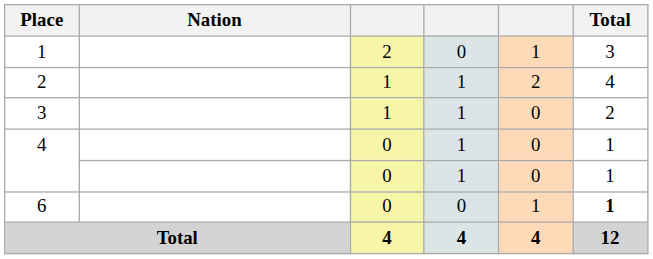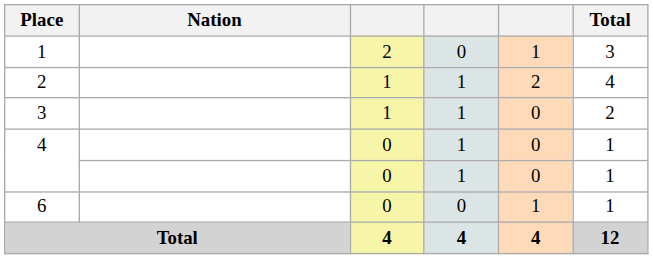 <table class=wikitable style="border:1px solid #AAAAAA;font-size:90%">
 <tr bgcolor="#EFEFEF">
 <th width=50>Place</th>
 <th width=200>Nation</th>
 <th width=50></th>
 <th width=50></th>
 <th width=50></th>
 <th width=50>Total</th>
 </tr>
 <tr align="center" valign="top" bgcolor="#FFFFFF">
 <td>1</td>
 <td align="left"></td>
 <td style="background:#F7F6A8;">2</td>
 <td style="background:#DCE5E5;">0</td>
 <td style="background:#FFDAB9;">1</td>
 <td>3</td>
 </tr>
 <tr align="center" valign="top" bgcolor="#FFFFFF">
 <td>2</td>
 <td align="left"></td>
 <td style="background:#F7F6A8;">1</td>
 <td style="background:#DCE5E5;">1</td>
 <td style="background:#FFDAB9;">2</td>
 <td>4</td>
 </tr>
 <tr align="center" valign="top" bgcolor="#FFFFFF">
 <td>3</td>
 <td align="left"></td>
 <td style="background:#F7F6A8;">1</td>
 <td style="background:#DCE5E5;">1</td>
 <td style="background:#FFDAB9;">0</td>
 <td>2</td>
 </tr>
 <tr align="center" valign="top" bgcolor="#FFFFFF">
 <td rowspan="2" valign="center">4</td>
 <td align="left"></td>
 <td style="background:#F7F6A8;">0</td>
 <td style="background:#DCE5E5;">1</td>
 <td style="background:#FFDAB9;">0</td>
 <td>1</td>
 </tr>
 <tr align="center" valign="top" bgcolor="#FFFFFF">
 <td align="left"></td>
 <td style="background:#F7F6A8;">0</td>
 <td style="background:#DCE5E5;">1</td>
 <td style="background:#FFDAB9;">0</td>
 <td>1</td>
 </tr>
 <tr align="center" valign="top" bgcolor="#FFFFFF">
 <td>6</td>
 <td align="left"></td>
 <td style="background:#F7F6A8;">0</td>
 <td style="background:#DCE5E5;">0</td>
 <td style="background:#FFDAB9;">1</td>
-<td><strong>1</strong></td>
+<td>1</td>
 </tr>
 <tr align="center">
 <td colspan="2" bgcolor=D3D3D3><strong>Total</strong></td>
 <td style="background:#F7F6A8;"><strong>4</strong></td>
 <td style="background:#DCE5E5;"><strong>4</strong></td>
 <td style="background:#FFDAB9;"><strong>4</strong></td>
 <td bgcolor=D3D3D3><strong>12</strong></td>
 </tr>
 </table>
